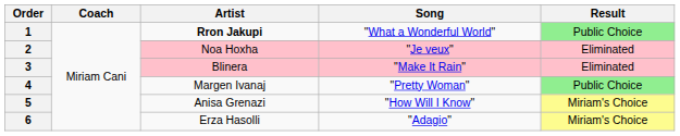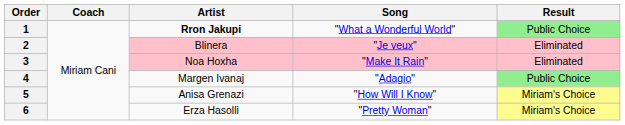 <table class="wikitable" style="text-align:center; width:75%;">
 <tr>
 <th width="05%">Order</th>
 <th width="10%">Coach</th>
 <th width="20%">Artist</th>
 <th width="25%">Song</th>
 <th width="15%">Result</th>
 </tr>
 <tr>
 <th>1</th>
 <td rowspan="6">Miriam Cani</td>
 <td><strong>Rron Jakupi</strong></td>
 <td>"<a href='#'>What a Wonderful World</a>"</td>
 <td style="background-color:lightgreen;">Public Choice</td>
 </tr>
 <tr>
 <th>2</th>
-<td style="background-color:pink;">Noa Hoxha</td>
+<td style="background-color:pink;">Blinera</td>
 <td style="background-color:pink;">"<a href='#'>Je veux</a>"</td>
 <td style="background-color:pink;">Eliminated</td>
 </tr>
 <tr>
 <th>3</th>
-<td style="background-color:pink;">Blinera</td>
+<td style="background-color:pink;">Noa Hoxha</td>
 <td style="background-color:pink;">"<a href='#'>Make It Rain</a>"</td>
 <td style="background-color:pink;">Eliminated</td>
 </tr>
 <tr>
 <th>4</th>
 <td>Margen Ivanaj</td>
-<td>"<a href='#'>Pretty Woman</a>"</td>
+<td>"<a href='#'>Adagio</a>"</td>
 <td style="background-color:lightgreen;">Public Choice</td>
 </tr>
 <tr>
 <th>5</th>
 <td>Anisa Grenazi</td>
 <td>"<a href='#'>How Will I Know</a>"</td>
 <td style="background-color:#fdfc8f;">Miriam's Choice</td>
 </tr>
 <tr>
 <th>6</th>
 <td>Erza Hasolli</td>
-<td>"<a href='#'>Adagio</a>"</td>
+<td>"<a href='#'>Pretty Woman</a>"</td>
 <td style="background-color:#fdfc8f;">Miriam's Choice</td>
 </tr>
 </table>
